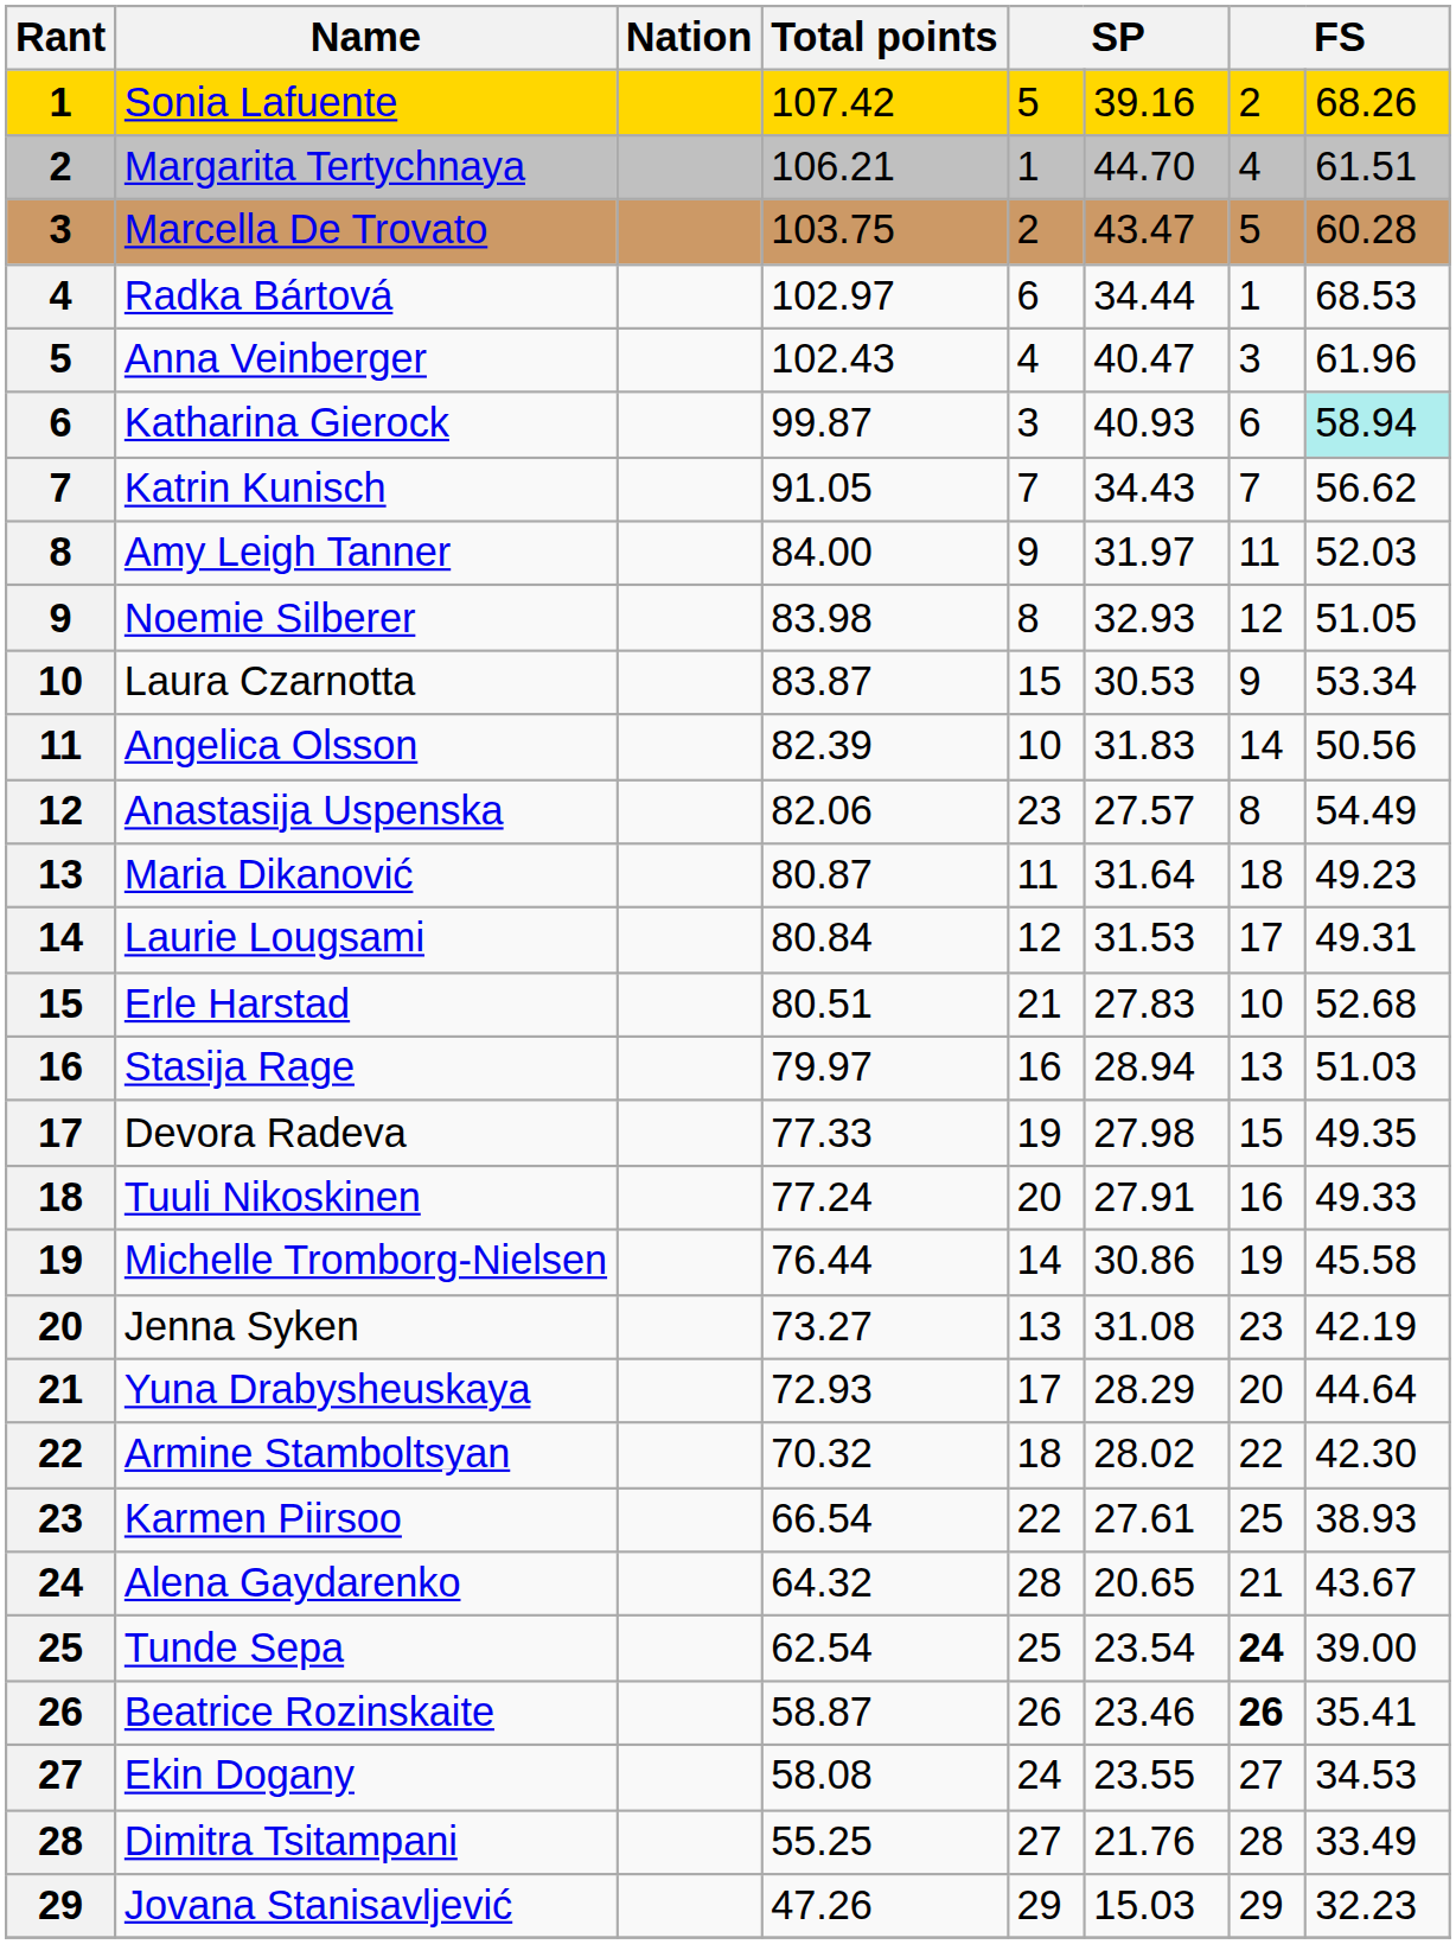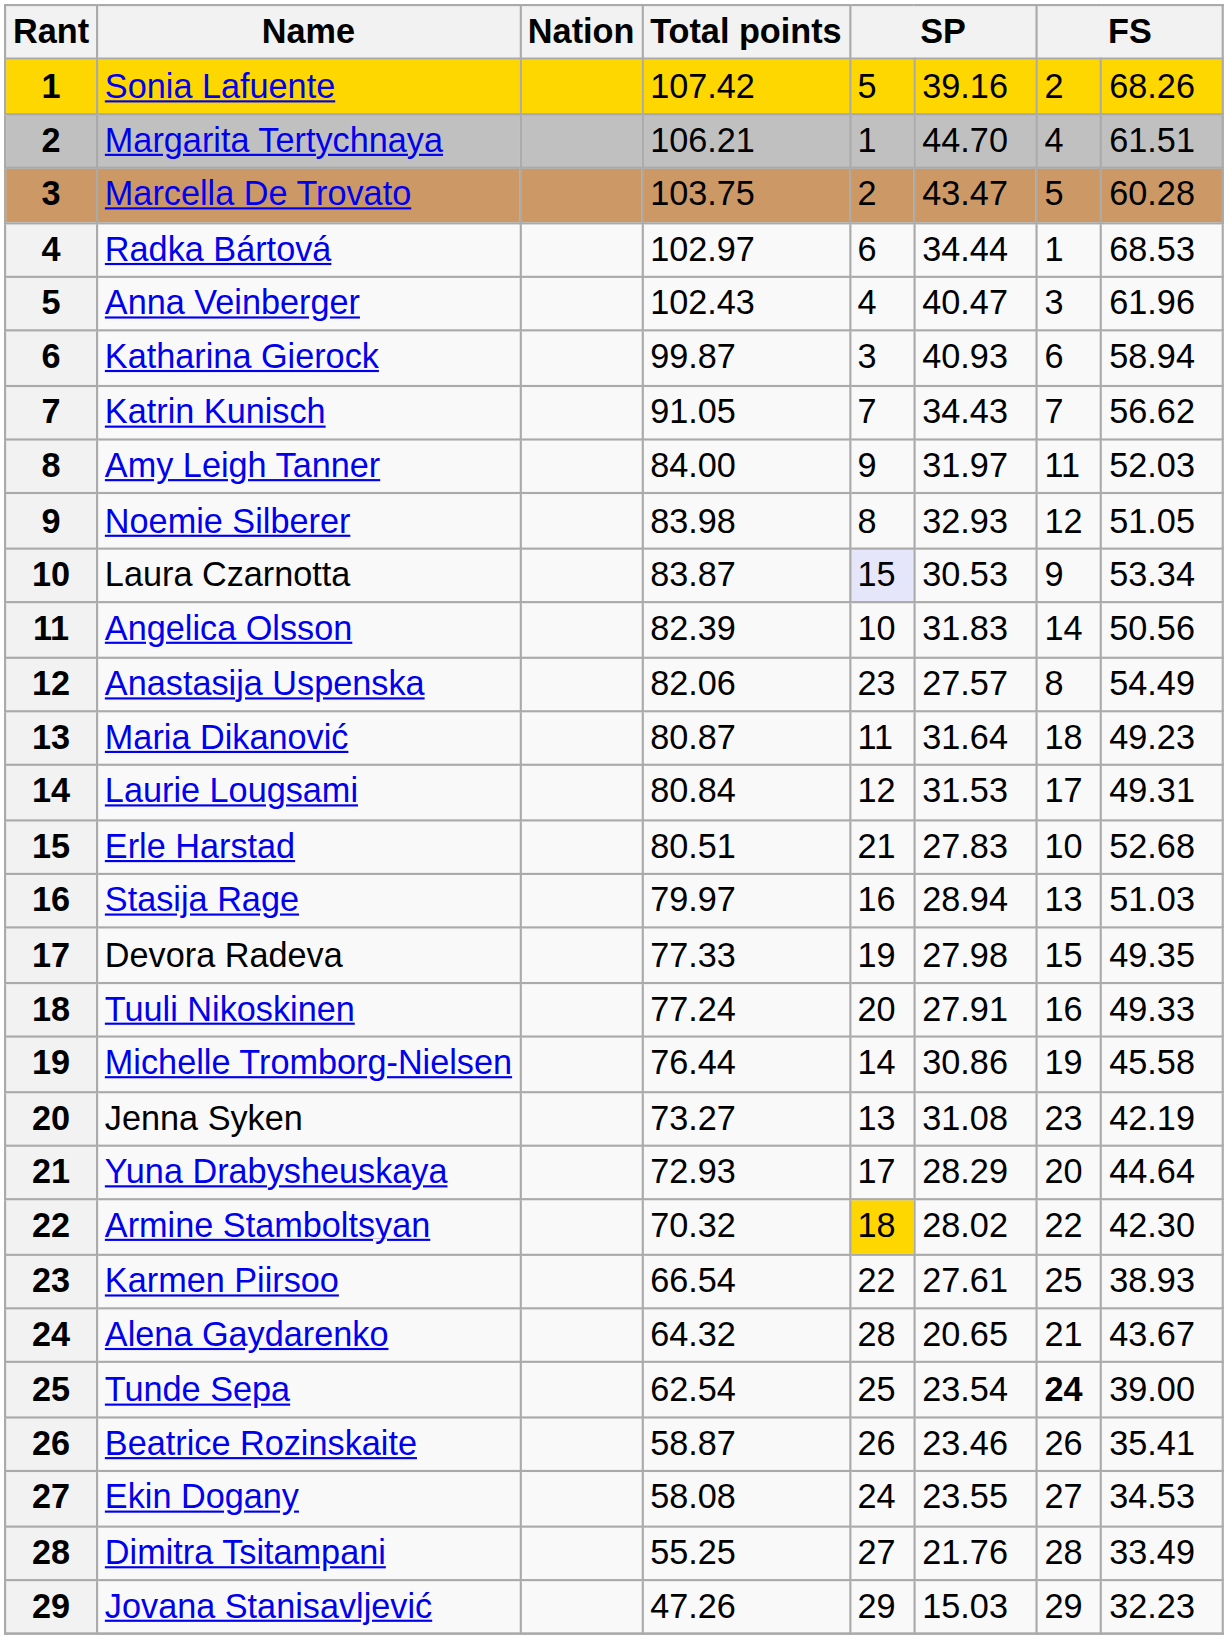 <table class="wikitable">
 <tr>
 <th>Rant</th>
 <th>Name</th>
 <th>Nation</th>
 <th>Total points</th>
 <th colspan="2" width="80px">SP</th>
 <th colspan="2" width="80px">FS</th>
 </tr>
 <tr bgcolor="gold">
 <td align="center"><strong>1</strong></td>
 <td><a href='#'>Sonia Lafuente</a></td>
 <td></td>
 <td>107.42</td>
 <td>5</td>
 <td>39.16</td>
 <td>2</td>
 <td>68.26</td>
 </tr>
 <tr bgcolor="silver">
 <td align="center"><strong>2</strong></td>
 <td><a href='#'>Margarita Tertychnaya</a></td>
 <td></td>
 <td>106.21</td>
 <td>1</td>
 <td>44.70</td>
 <td>4</td>
 <td>61.51</td>
 </tr>
 <tr bgcolor="cc9966">
 <td align="center"><strong>3</strong></td>
 <td><a href='#'>Marcella De Trovato</a></td>
 <td></td>
 <td>103.75</td>
 <td>2</td>
 <td>43.47</td>
 <td>5</td>
 <td>60.28</td>
 </tr>
 <tr>
 <th>4</th>
 <td><a href='#'>Radka Bártová</a></td>
 <td></td>
 <td>102.97</td>
 <td>6</td>
 <td>34.44</td>
 <td>1</td>
 <td>68.53</td>
 </tr>
 <tr>
 <th>5</th>
 <td><a href='#'>Anna Veinberger</a></td>
 <td></td>
 <td>102.43</td>
 <td>4</td>
 <td>40.47</td>
 <td>3</td>
 <td>61.96</td>
 </tr>
 <tr>
 <th>6</th>
 <td><a href='#'>Katharina Gierock</a></td>
 <td></td>
 <td>99.87</td>
 <td>3</td>
 <td>40.93</td>
 <td>6</td>
-<td style="background: paleturquoise;">58.94</td>
+<td>58.94</td>
 </tr>
 <tr>
 <th>7</th>
 <td><a href='#'>Katrin Kunisch</a></td>
 <td></td>
 <td>91.05</td>
 <td>7</td>
 <td>34.43</td>
 <td>7</td>
 <td>56.62</td>
 </tr>
 <tr>
 <th>8</th>
 <td><a href='#'>Amy Leigh Tanner</a></td>
 <td></td>
 <td>84.00</td>
 <td>9</td>
 <td>31.97</td>
 <td>11</td>
 <td>52.03</td>
 </tr>
 <tr>
 <th>9</th>
 <td><a href='#'>Noemie Silberer</a></td>
 <td></td>
 <td>83.98</td>
 <td>8</td>
 <td>32.93</td>
 <td>12</td>
 <td>51.05</td>
 </tr>
 <tr>
 <th>10</th>
 <td>Laura Czarnotta</td>
 <td></td>
 <td>83.87</td>
-<td>15</td>
+<td style="background: lavender;">15</td>
 <td>30.53</td>
 <td>9</td>
 <td>53.34</td>
 </tr>
 <tr>
 <th>11</th>
 <td><a href='#'>Angelica Olsson</a></td>
 <td></td>
 <td>82.39</td>
 <td>10</td>
 <td>31.83</td>
 <td>14</td>
 <td>50.56</td>
 </tr>
 <tr>
 <th>12</th>
 <td><a href='#'>Anastasija Uspenska</a></td>
 <td></td>
 <td>82.06</td>
 <td>23</td>
 <td>27.57</td>
 <td>8</td>
 <td>54.49</td>
 </tr>
 <tr>
 <th>13</th>
 <td><a href='#'>Maria Dikanović</a></td>
 <td></td>
 <td>80.87</td>
 <td>11</td>
 <td>31.64</td>
 <td>18</td>
 <td>49.23</td>
 </tr>
 <tr>
 <th>14</th>
 <td><a href='#'>Laurie Lougsami</a></td>
 <td></td>
 <td>80.84</td>
 <td>12</td>
 <td>31.53</td>
 <td>17</td>
 <td>49.31</td>
 </tr>
 <tr>
 <th>15</th>
 <td><a href='#'>Erle Harstad</a></td>
 <td></td>
 <td>80.51</td>
 <td>21</td>
 <td>27.83</td>
 <td>10</td>
 <td>52.68</td>
 </tr>
 <tr>
 <th>16</th>
 <td><a href='#'>Stasija Rage</a></td>
 <td></td>
 <td>79.97</td>
 <td>16</td>
 <td>28.94</td>
 <td>13</td>
 <td>51.03</td>
 </tr>
 <tr>
 <th>17</th>
 <td>Devora Radeva</td>
 <td></td>
 <td>77.33</td>
 <td>19</td>
 <td>27.98</td>
 <td>15</td>
 <td>49.35</td>
 </tr>
 <tr>
 <th>18</th>
 <td><a href='#'>Tuuli Nikoskinen</a></td>
 <td></td>
 <td>77.24</td>
 <td>20</td>
 <td>27.91</td>
 <td>16</td>
 <td>49.33</td>
 </tr>
 <tr>
 <th>19</th>
 <td><a href='#'>Michelle Tromborg-Nielsen</a></td>
 <td></td>
 <td>76.44</td>
 <td>14</td>
 <td>30.86</td>
 <td>19</td>
 <td>45.58</td>
 </tr>
 <tr>
 <th>20</th>
 <td>Jenna Syken</td>
 <td></td>
 <td>73.27</td>
 <td>13</td>
 <td>31.08</td>
 <td>23</td>
 <td>42.19</td>
 </tr>
 <tr>
 <th>21</th>
 <td><a href='#'>Yuna Drabysheuskaya</a></td>
 <td></td>
 <td>72.93</td>
 <td>17</td>
 <td>28.29</td>
 <td>20</td>
 <td>44.64</td>
 </tr>
 <tr>
 <th>22</th>
 <td><a href='#'>Armine Stamboltsyan</a></td>
 <td></td>
 <td>70.32</td>
-<td>18</td>
+<td style="background: gold;">18</td>
 <td>28.02</td>
 <td>22</td>
 <td>42.30</td>
 </tr>
 <tr>
 <th>23</th>
 <td><a href='#'>Karmen Piirsoo</a></td>
 <td></td>
 <td>66.54</td>
 <td>22</td>
 <td>27.61</td>
 <td>25</td>
 <td>38.93</td>
 </tr>
 <tr>
 <th>24</th>
 <td><a href='#'>Alena Gaydarenko</a></td>
 <td></td>
 <td>64.32</td>
 <td>28</td>
 <td>20.65</td>
 <td>21</td>
 <td>43.67</td>
 </tr>
 <tr>
 <th>25</th>
 <td><a href='#'>Tunde Sepa</a></td>
 <td></td>
 <td>62.54</td>
 <td>25</td>
 <td>23.54</td>
 <td><strong>24</strong></td>
 <td>39.00</td>
 </tr>
 <tr>
 <th>26</th>
 <td><a href='#'>Beatrice Rozinskaite</a></td>
 <td></td>
 <td>58.87</td>
 <td>26</td>
 <td>23.46</td>
-<td><strong>26</strong></td>
+<td>26</td>
 <td>35.41</td>
 </tr>
 <tr>
 <th>27</th>
 <td><a href='#'>Ekin Dogany</a></td>
 <td></td>
 <td>58.08</td>
 <td>24</td>
 <td>23.55</td>
 <td>27</td>
 <td>34.53</td>
 </tr>
 <tr>
 <th>28</th>
 <td><a href='#'>Dimitra Tsitampani</a></td>
 <td></td>
 <td>55.25</td>
 <td>27</td>
 <td>21.76</td>
 <td>28</td>
 <td>33.49</td>
 </tr>
 <tr>
 <th>29</th>
 <td><a href='#'>Jovana Stanisavljević</a></td>
 <td></td>
 <td>47.26</td>
 <td>29</td>
 <td>15.03</td>
 <td>29</td>
 <td>32.23</td>
 </tr>
 <tr>
 </tr>
 </table>
